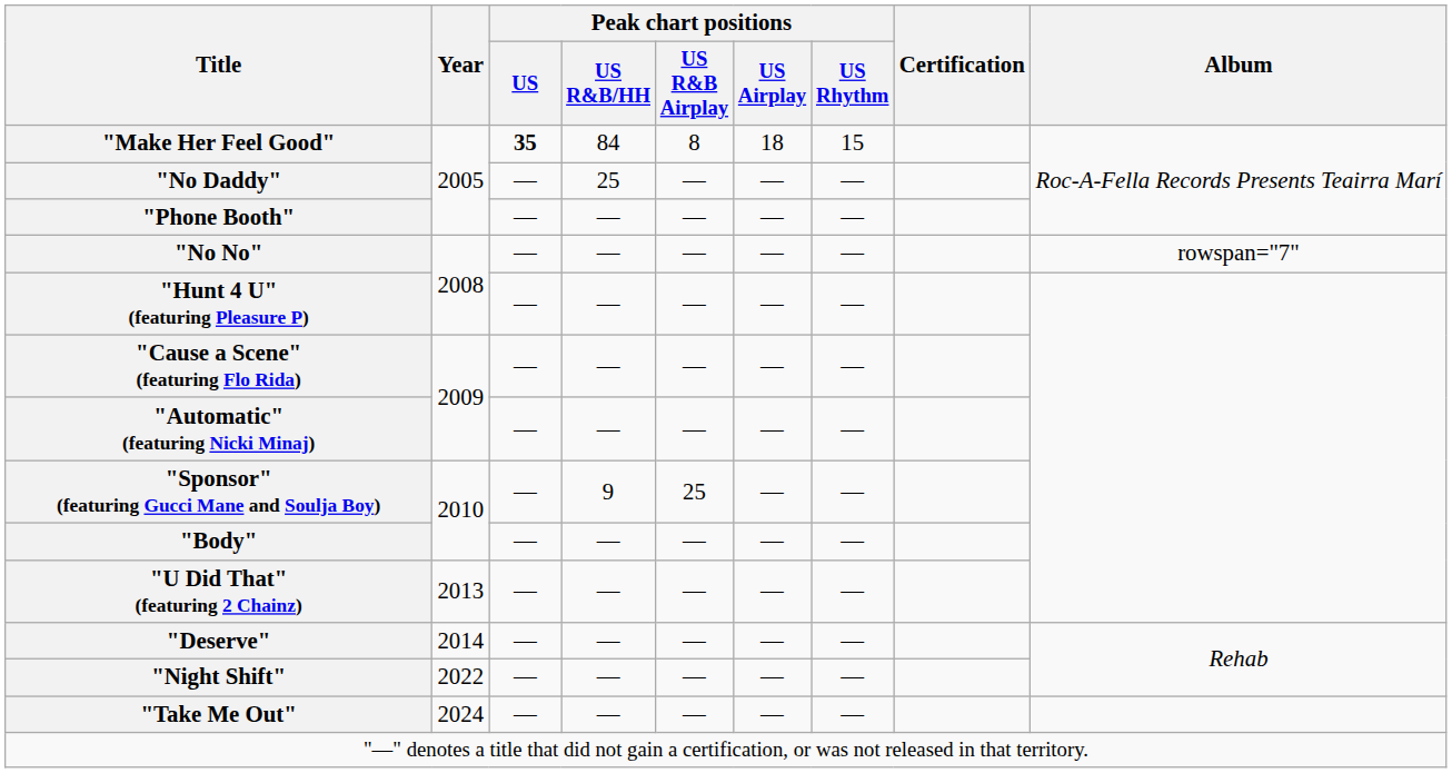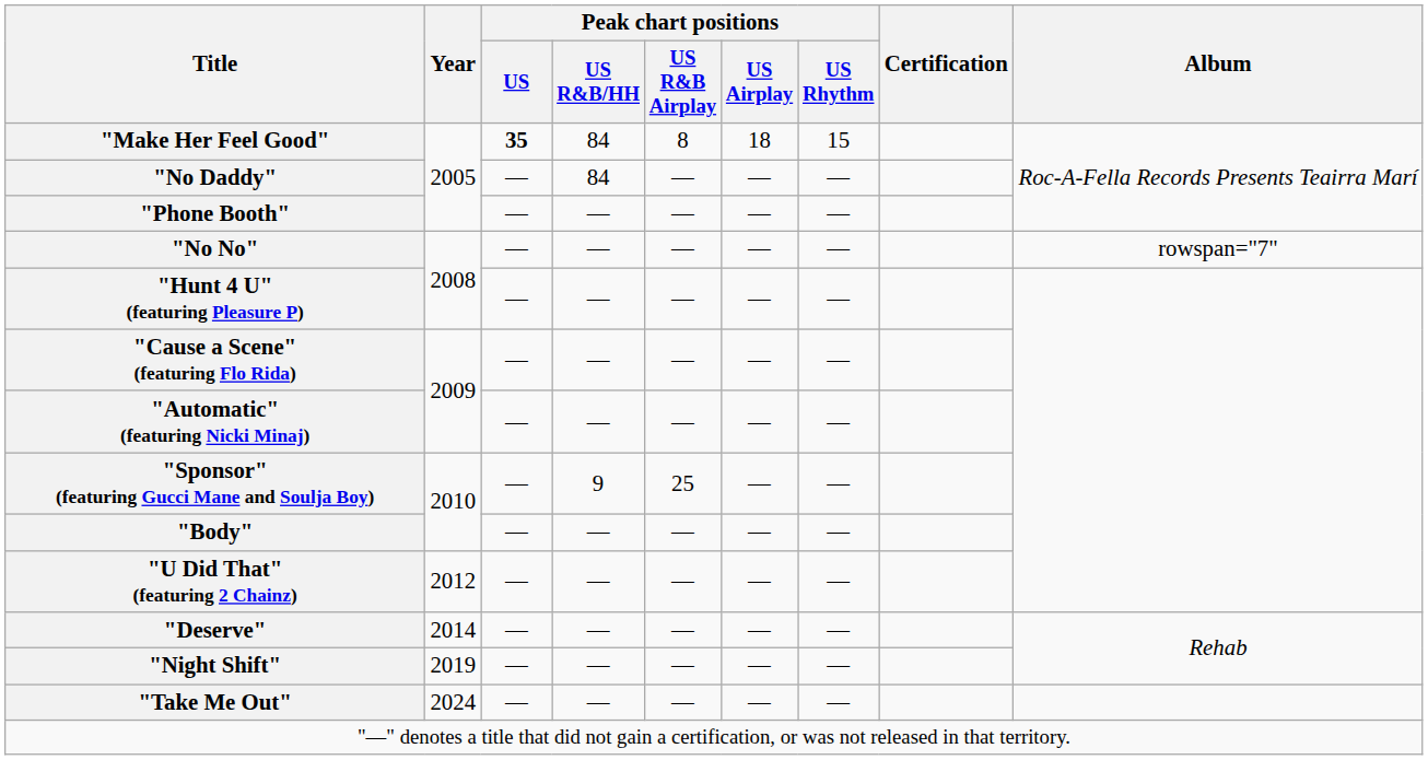 <table class="wikitable plainrowheaders" style="text-align:center;">
 <tr>
 <th scope="col" rowspan="2" style="width:18em;">Title</th>
 <th scope="col" rowspan="2" style="width:10px;">Year</th>
 <th scope="col" colspan="5">Peak chart positions</th>
 <th scope="col" rowspan="2">Certification</th>
 <th scope="col" rowspan="2">Album</th>
 </tr>
 <tr>
 <th scope="col" style="width:3em;font-size:90%;"><a href='#'>US</a><br></th>
 <th scope="col" style="width:3em;font-size:90%;"><a href='#'>US R&B/HH</a><br></th>
 <th scope="col" style="width:3em;font-size:90%;"><a href='#'>US R&B<br> Airplay</a><br></th>
 <th scope="col" style="width:3em;font-size:90%;"><a href='#'>US<br> Airplay</a><br></th>
 <th scope="col" style="width:3em;font-size:90%;"><a href='#'>US<br>Rhythm</a><br></th>
 </tr>
 <tr>
 <th scope="row">"Make Her Feel Good"</th>
 <td rowspan="3">2005</td>
 <td><strong>35</strong></td>
 <td>84</td>
 <td>8</td>
 <td>18</td>
 <td>15</td>
 <td></td>
 <td rowspan="3"><em>Roc-A-Fella Records Presents Teairra Marí</em></td>
 </tr>
 <tr>
 <th scope="row">"No Daddy"</th>
 <td>—</td>
-<td>25</td>
+<td>84</td>
 <td>—</td>
 <td>—</td>
 <td>—</td>
 <td></td>
 </tr>
 <tr>
 <th scope="row">"Phone Booth"</th>
 <td>—</td>
 <td>—</td>
 <td>—</td>
 <td>—</td>
 <td>—</td>
 <td></td>
 </tr>
 <tr>
 <th scope="row">"No No"</th>
 <td rowspan="2">2008</td>
 <td>—</td>
 <td>—</td>
 <td>—</td>
 <td>—</td>
 <td>—</td>
 <td></td>
 <td>rowspan="7" </td>
 </tr>
 <tr>
 <th scope="row">"Hunt 4 U"<br><small>(featuring <a href='#'>Pleasure P</a>)</small></th>
 <td>—</td>
 <td>—</td>
 <td>—</td>
 <td>—</td>
 <td>—</td>
 <td></td>
 </tr>
 <tr>
 <th scope="row">"Cause a Scene"<br><small>(featuring <a href='#'>Flo Rida</a>)</small></th>
 <td rowspan="2">2009</td>
 <td>—</td>
 <td>—</td>
 <td>—</td>
 <td>—</td>
 <td>—</td>
 <td></td>
 </tr>
 <tr>
 <th scope="row">"Automatic"<br><small>(featuring <a href='#'>Nicki Minaj</a>)</small></th>
 <td>—</td>
 <td>—</td>
 <td>—</td>
 <td>—</td>
 <td>—</td>
 <td></td>
 </tr>
 <tr>
 <th scope="row">"Sponsor"<br><small>(featuring <a href='#'>Gucci Mane</a> and <a href='#'>Soulja Boy</a>)</small></th>
 <td rowspan="2">2010</td>
 <td>—</td>
 <td>9</td>
 <td>25</td>
 <td>—</td>
 <td>—</td>
 <td></td>
 </tr>
 <tr>
 <th scope="row">"Body"</th>
 <td>—</td>
 <td>—</td>
 <td>—</td>
 <td>—</td>
 <td>—</td>
 <td></td>
 </tr>
 <tr>
 <th scope="row">"U Did That" <br><small>(featuring <a href='#'>2 Chainz</a>)</small></th>
-<td>2013</td>
+<td>2012</td>
 <td>—</td>
 <td>—</td>
 <td>—</td>
 <td>—</td>
 <td>—</td>
 <td></td>
 </tr>
 <tr>
 <th scope="row">"Deserve"</th>
 <td>2014</td>
 <td>—</td>
 <td>—</td>
 <td>—</td>
 <td>—</td>
 <td>—</td>
 <td></td>
 <td rowspan="2"><em>Rehab</em></td>
 </tr>
 <tr>
 <th scope="row">"Night Shift"</th>
-<td>2022</td>
+<td>2019</td>
 <td>—</td>
 <td>—</td>
 <td>—</td>
 <td>—</td>
 <td>—</td>
 <td></td>
 </tr>
 <tr>
 <th scope="row">"Take Me Out"</th>
 <td>2024</td>
 <td>—</td>
 <td>—</td>
 <td>—</td>
 <td>—</td>
 <td>—</td>
 <td></td>
 <td></td>
 </tr>
 <tr>
 <td colspan="11" style="font-size:90%">"—" denotes a title that did not gain a certification, or was not released in that territory.</td>
 </tr>
 </table>
